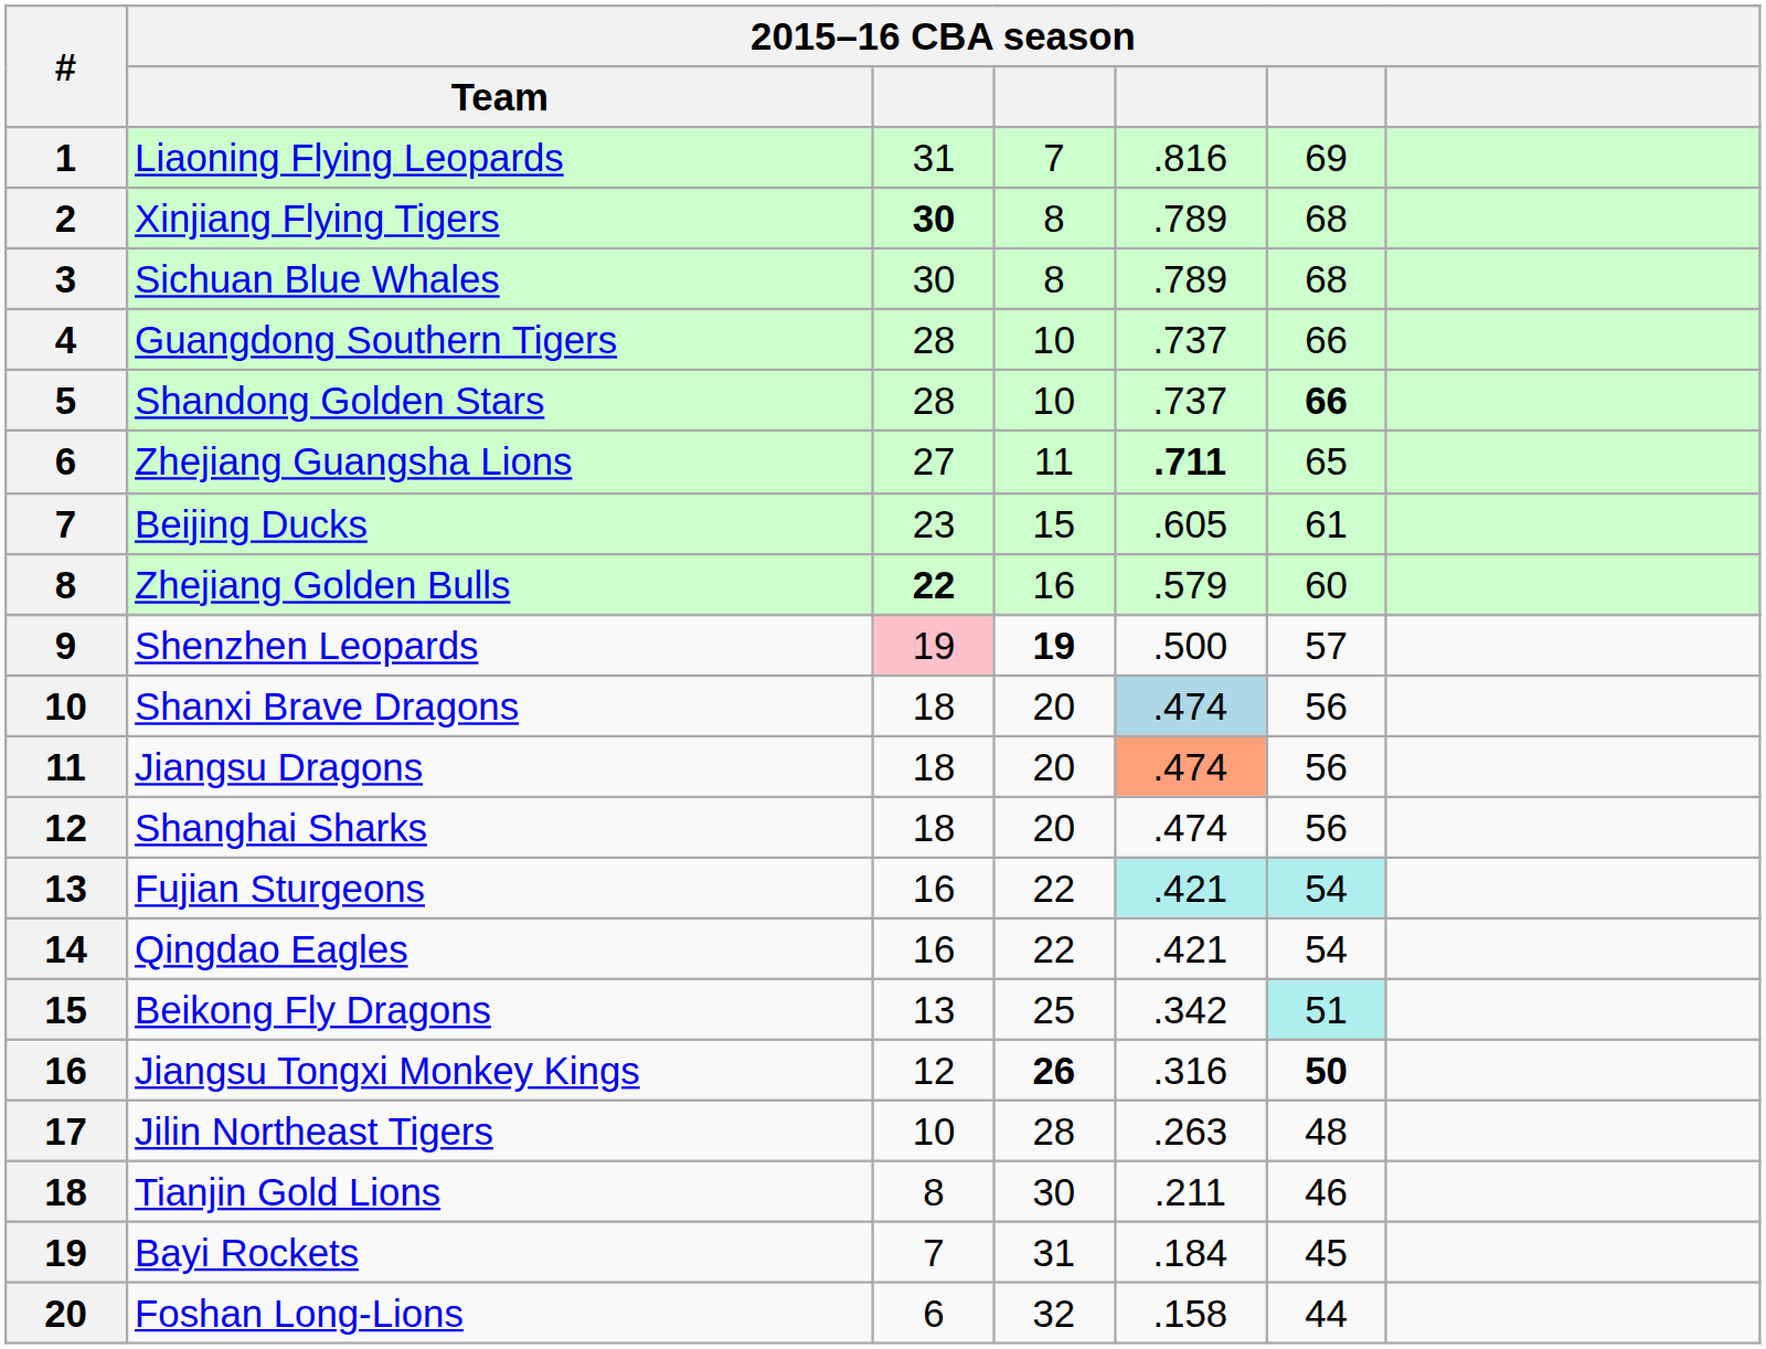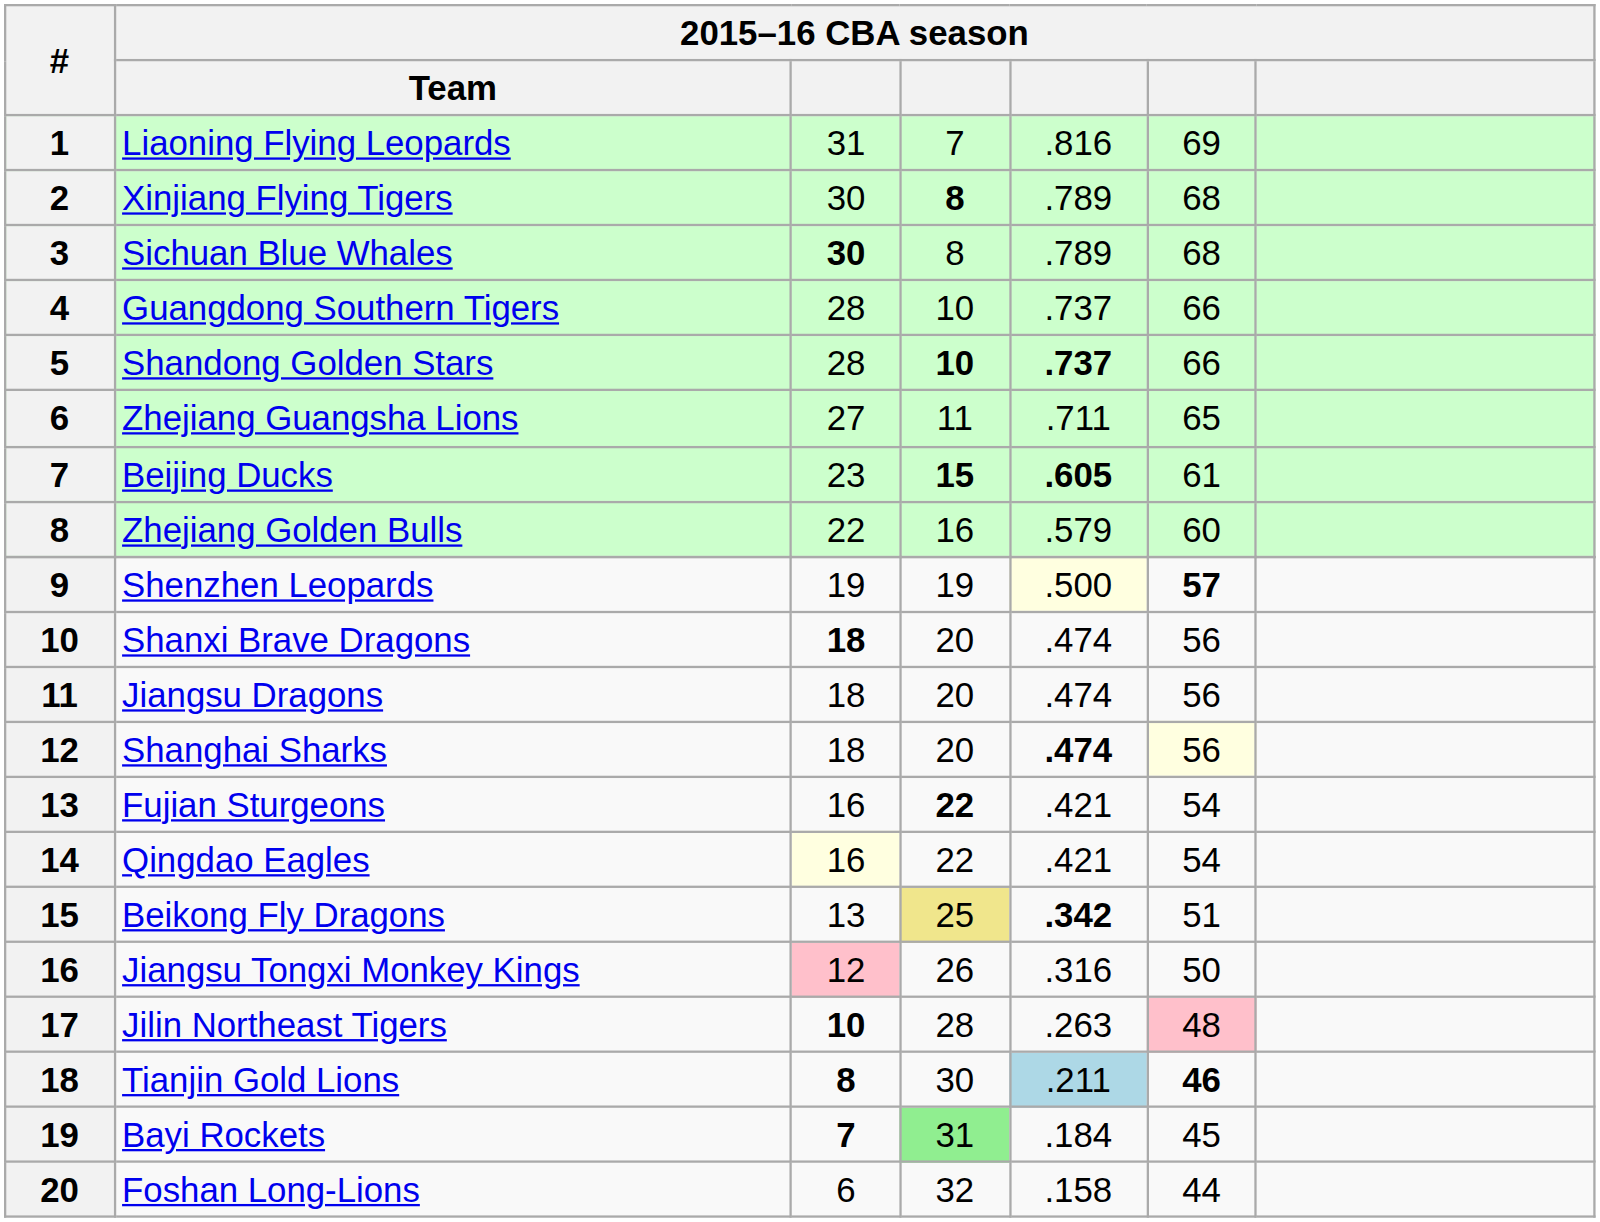 <table class="wikitable" width=55% style="font-size:95%;">
 <tr>
 <th width="3%" rowspan=2>#</th>
 <th colspan="6" style="text-align:center;">2015–16 CBA season</th>
 </tr>
 <tr style="text-align:center;">
 <th width="20%">Team</th>
 <th width="3%"></th>
 <th width="3%"></th>
 <th width="3%"></th>
 <th width="3%"></th>
 <th width="10%"></th>
 </tr>
 <tr style="text-align:center;background: #ccffcc;">
 <th>1</th>
 <td style="text-align:left;"><a href='#'>Liaoning Flying Leopards</a></td>
 <td>31</td>
 <td>7</td>
 <td>.816</td>
 <td>69</td>
 <td></td>
 </tr>
 <tr style="text-align:center;background: #ccffcc;">
 <th>2</th>
 <td style="text-align:left;"><a href='#'>Xinjiang Flying Tigers</a></td>
-<td><strong>30</strong></td>
-<td>8</td>
+<td>30</td>
+<td><strong>8</strong></td>
 <td>.789</td>
 <td>68</td>
 <td></td>
 </tr>
 <tr style="text-align:center;background: #ccffcc;">
 <th>3</th>
 <td style="text-align:left;"><a href='#'>Sichuan Blue Whales</a></td>
-<td>30</td>
+<td><strong>30</strong></td>
 <td>8</td>
 <td>.789</td>
 <td>68</td>
 <td></td>
 </tr>
 <tr style="text-align:center;background: #ccffcc;">
 <th>4</th>
 <td style="text-align:left;"><a href='#'>Guangdong Southern Tigers</a></td>
 <td>28</td>
 <td>10</td>
 <td>.737</td>
 <td>66</td>
 <td></td>
 </tr>
 <tr style="text-align:center;background: #ccffcc;">
 <th>5</th>
 <td style="text-align:left;"><a href='#'>Shandong Golden Stars</a></td>
 <td>28</td>
-<td>10</td>
-<td>.737</td>
-<td><strong>66</strong></td>
+<td><strong>10</strong></td>
+<td><strong>.737</strong></td>
+<td>66</td>
 <td></td>
 </tr>
 <tr style="text-align:center;background: #ccffcc;">
 <th>6</th>
 <td style="text-align:left;"><a href='#'>Zhejiang Guangsha Lions</a></td>
 <td>27</td>
 <td>11</td>
-<td><strong>.711</strong></td>
+<td>.711</td>
 <td>65</td>
 <td></td>
 </tr>
 <tr style="text-align:center;background: #ccffcc;">
 <th>7</th>
 <td style="text-align:left;"><a href='#'>Beijing Ducks</a></td>
 <td>23</td>
-<td>15</td>
-<td>.605</td>
+<td><strong>15</strong></td>
+<td><strong>.605</strong></td>
 <td>61</td>
 <td></td>
 </tr>
 <tr style="text-align:center;background: #ccffcc;">
 <th>8</th>
 <td style="text-align:left;"><a href='#'>Zhejiang Golden Bulls</a></td>
-<td><strong>22</strong></td>
+<td>22</td>
 <td>16</td>
 <td>.579</td>
 <td>60</td>
 <td></td>
 </tr>
 <tr style="background-color:#cccccc;">
 </tr>
 <tr style="text-align:center;">
 <th>9</th>
 <td style="text-align:left;"><a href='#'>Shenzhen Leopards</a></td>
-<td style="background: pink;">19</td>
-<td><strong>19</strong></td>
-<td>.500</td>
-<td>57</td>
+<td>19</td>
+<td>19</td>
+<td style="background: lightyellow;">.500</td>
+<td><strong>57</strong></td>
 <td></td>
 </tr>
 <tr style="text-align:center;">
 <th>10</th>
 <td style="text-align:left;"><a href='#'>Shanxi Brave Dragons</a></td>
-<td>18</td>
+<td><strong>18</strong></td>
 <td>20</td>
-<td style="background: lightblue;">.474</td>
+<td>.474</td>
 <td>56</td>
 <td></td>
 </tr>
 <tr style="text-align:center;">
 <th>11</th>
 <td style="text-align:left;"><a href='#'>Jiangsu Dragons</a></td>
 <td>18</td>
 <td>20</td>
-<td style="background: lightsalmon;">.474</td>
+<td>.474</td>
 <td>56</td>
 <td></td>
 </tr>
 <tr style="text-align:center;">
 <th>12</th>
 <td style="text-align:left;"><a href='#'>Shanghai Sharks</a></td>
 <td>18</td>
 <td>20</td>
-<td>.474</td>
-<td>56</td>
+<td><strong>.474</strong></td>
+<td style="background: lightyellow;">56</td>
 <td></td>
 </tr>
 <tr style="text-align:center;">
 <th>13</th>
 <td style="text-align:left;"><a href='#'>Fujian Sturgeons</a></td>
 <td>16</td>
-<td>22</td>
-<td style="background: paleturquoise;">.421</td>
-<td style="background: paleturquoise;">54</td>
+<td><strong>22</strong></td>
+<td>.421</td>
+<td>54</td>
 <td></td>
 </tr>
 <tr style="text-align:center;">
 <th>14</th>
 <td style="text-align:left;"><a href='#'>Qingdao Eagles</a></td>
-<td>16</td>
+<td style="background: lightyellow;">16</td>
 <td>22</td>
 <td>.421</td>
 <td>54</td>
 <td></td>
 </tr>
 <tr style="text-align:center;">
 <th>15</th>
 <td style="text-align:left;"><a href='#'>Beikong Fly Dragons</a></td>
 <td>13</td>
-<td>25</td>
-<td>.342</td>
-<td style="background: paleturquoise;">51</td>
+<td style="background: khaki;">25</td>
+<td><strong>.342</strong></td>
+<td>51</td>
 <td></td>
 </tr>
 <tr style="text-align:center;">
 <th>16</th>
 <td style="text-align:left;"><a href='#'>Jiangsu Tongxi Monkey Kings</a></td>
-<td>12</td>
-<td><strong>26</strong></td>
+<td style="background: pink;">12</td>
+<td>26</td>
 <td>.316</td>
-<td><strong>50</strong></td>
+<td>50</td>
 <td></td>
 </tr>
 <tr style="text-align:center;">
 <th>17</th>
 <td style="text-align:left;"><a href='#'>Jilin Northeast Tigers</a></td>
-<td>10</td>
+<td><strong>10</strong></td>
 <td>28</td>
 <td>.263</td>
-<td>48</td>
+<td style="background: pink;">48</td>
 <td></td>
 </tr>
 <tr style="text-align:center;">
 <th>18</th>
 <td style="text-align:left;"><a href='#'>Tianjin Gold Lions</a></td>
-<td>8</td>
+<td><strong>8</strong></td>
 <td>30</td>
-<td>.211</td>
-<td>46</td>
+<td style="background: lightblue;">.211</td>
+<td><strong>46</strong></td>
 <td></td>
 </tr>
 <tr style="text-align:center;">
 <th>19</th>
 <td style="text-align:left;"><a href='#'>Bayi Rockets</a></td>
-<td>7</td>
-<td>31</td>
+<td><strong>7</strong></td>
+<td style="background: lightgreen;">31</td>
 <td>.184</td>
 <td>45</td>
 <td></td>
 </tr>
 <tr style="text-align:center;">
 <th>20</th>
 <td style="text-align:left;"><a href='#'>Foshan Long-Lions</a></td>
 <td>6</td>
 <td>32</td>
 <td>.158</td>
 <td>44</td>
 <td></td>
 </tr>
 </table>
